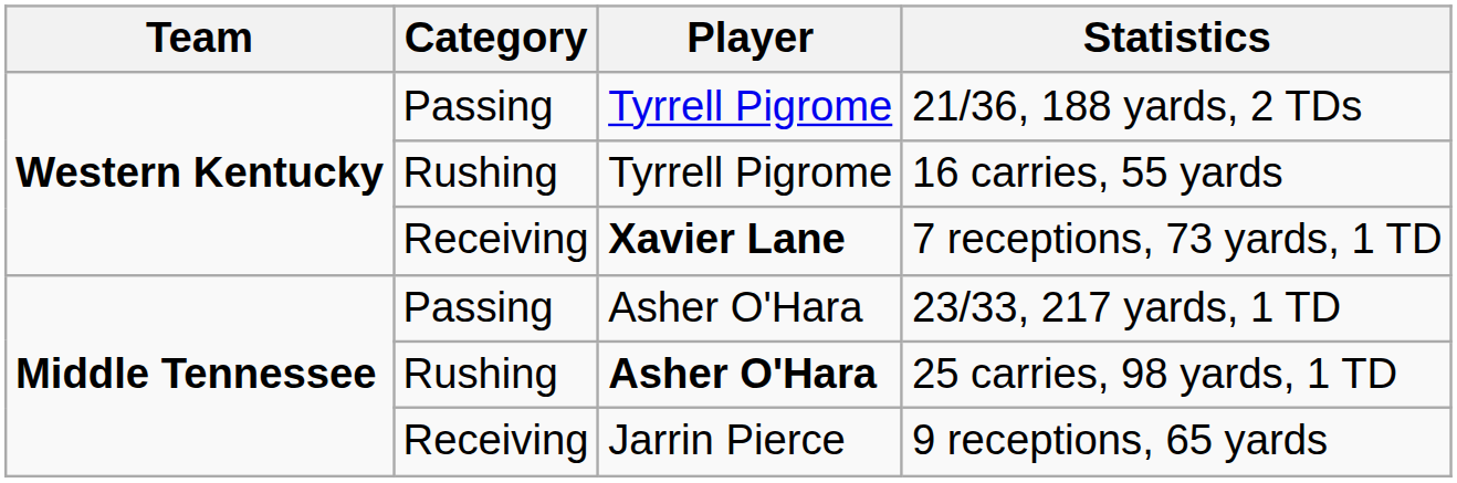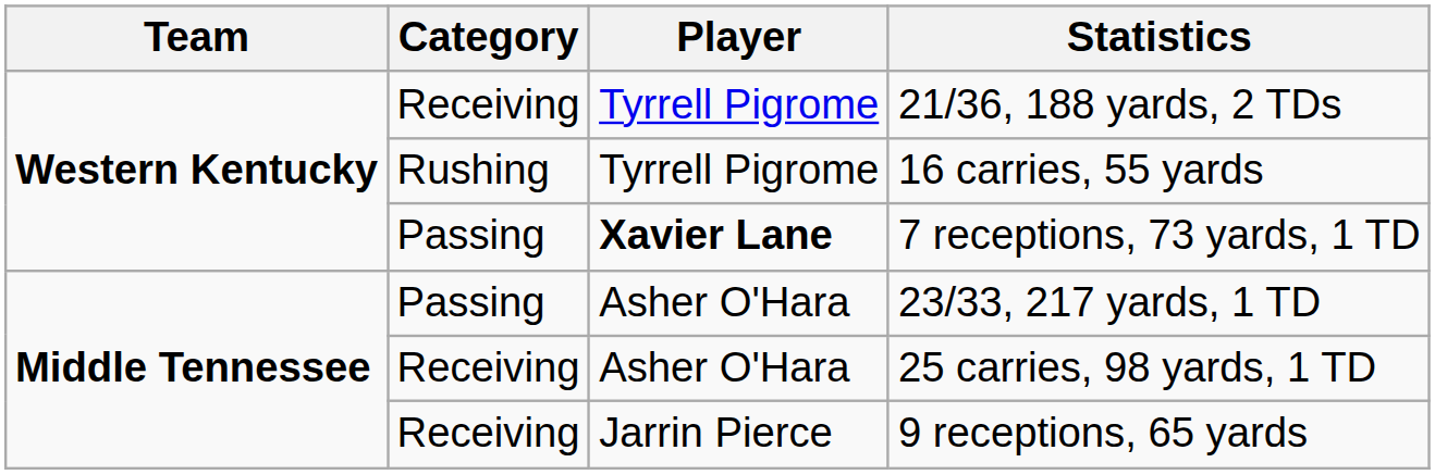 <table class="wikitable" style="float: left;">
 <tr>
 <th>Team</th>
 <th>Category</th>
 <th>Player</th>
 <th>Statistics</th>
 </tr>
 <tr>
 <td rowspan=3><strong>Western Kentucky</strong></td>
-<td>Passing</td>
+<td>Receiving</td>
 <td><a href='#'>Tyrrell Pigrome</a></td>
 <td>21/36, 188 yards, 2 TDs</td>
 </tr>
 <tr>
 <td>Rushing</td>
 <td>Tyrrell Pigrome</td>
 <td>16 carries, 55 yards</td>
 </tr>
 <tr>
-<td>Receiving</td>
+<td>Passing</td>
 <td><strong>Xavier Lane</strong></td>
 <td>7 receptions, 73 yards, 1 TD</td>
 </tr>
 <tr>
 <td rowspan=3><strong>Middle Tennessee</strong></td>
 <td>Passing</td>
 <td>Asher O'Hara</td>
 <td>23/33, 217 yards, 1 TD</td>
 </tr>
 <tr>
-<td>Rushing</td>
-<td><strong>Asher O'Hara</strong></td>
+<td>Receiving</td>
+<td>Asher O'Hara</td>
 <td>25 carries, 98 yards, 1 TD</td>
 </tr>
 <tr>
 <td>Receiving</td>
 <td>Jarrin Pierce</td>
 <td>9 receptions, 65 yards</td>
 </tr>
 </table>
